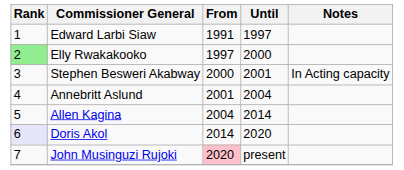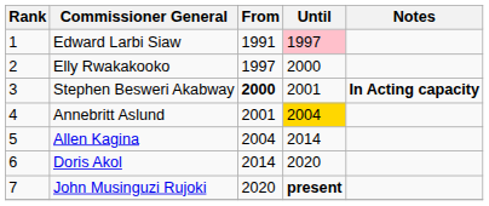 <table class="wikitable sortable" style="margin: 0.5em auto">
 <tr>
 <th>Rank</th>
 <th>Commissioner General</th>
 <th>From</th>
 <th>Until</th>
 <th>Notes</th>
 </tr>
 <tr>
 <td>1</td>
 <td>Edward Larbi Siaw</td>
 <td>1991</td>
-<td>1997</td>
+<td style="background: pink;">1997</td>
 <td></td>
 </tr>
 <tr>
-<td style="background: lightgreen;">2</td>
+<td>2</td>
 <td>Elly Rwakakooko</td>
 <td>1997</td>
 <td>2000</td>
 <td></td>
 </tr>
 <tr>
 <td>3</td>
 <td>Stephen Besweri Akabway</td>
-<td>2000</td>
+<td><strong>2000</strong></td>
 <td>2001</td>
-<td>In Acting capacity</td>
+<td><strong>In Acting capacity</strong></td>
 </tr>
 <tr>
 <td>4</td>
 <td>Annebritt Aslund</td>
 <td>2001</td>
-<td>2004</td>
+<td style="background: gold;">2004</td>
 <td></td>
 </tr>
 <tr>
 <td>5</td>
 <td><a href='#'>Allen Kagina</a></td>
 <td>2004</td>
 <td>2014</td>
 <td></td>
 </tr>
 <tr>
-<td style="background: lavender;">6</td>
+<td>6</td>
 <td><a href='#'>Doris Akol</a></td>
 <td>2014</td>
 <td>2020</td>
 <td></td>
 </tr>
 <tr>
 <td>7</td>
 <td><a href='#'>John Musinguzi Rujoki</a></td>
-<td style="background: pink;">2020</td>
-<td>present</td>
+<td>2020</td>
+<td><strong>present</strong></td>
 <td></td>
 </tr>
 <tr>
 </tr>
 </table>
